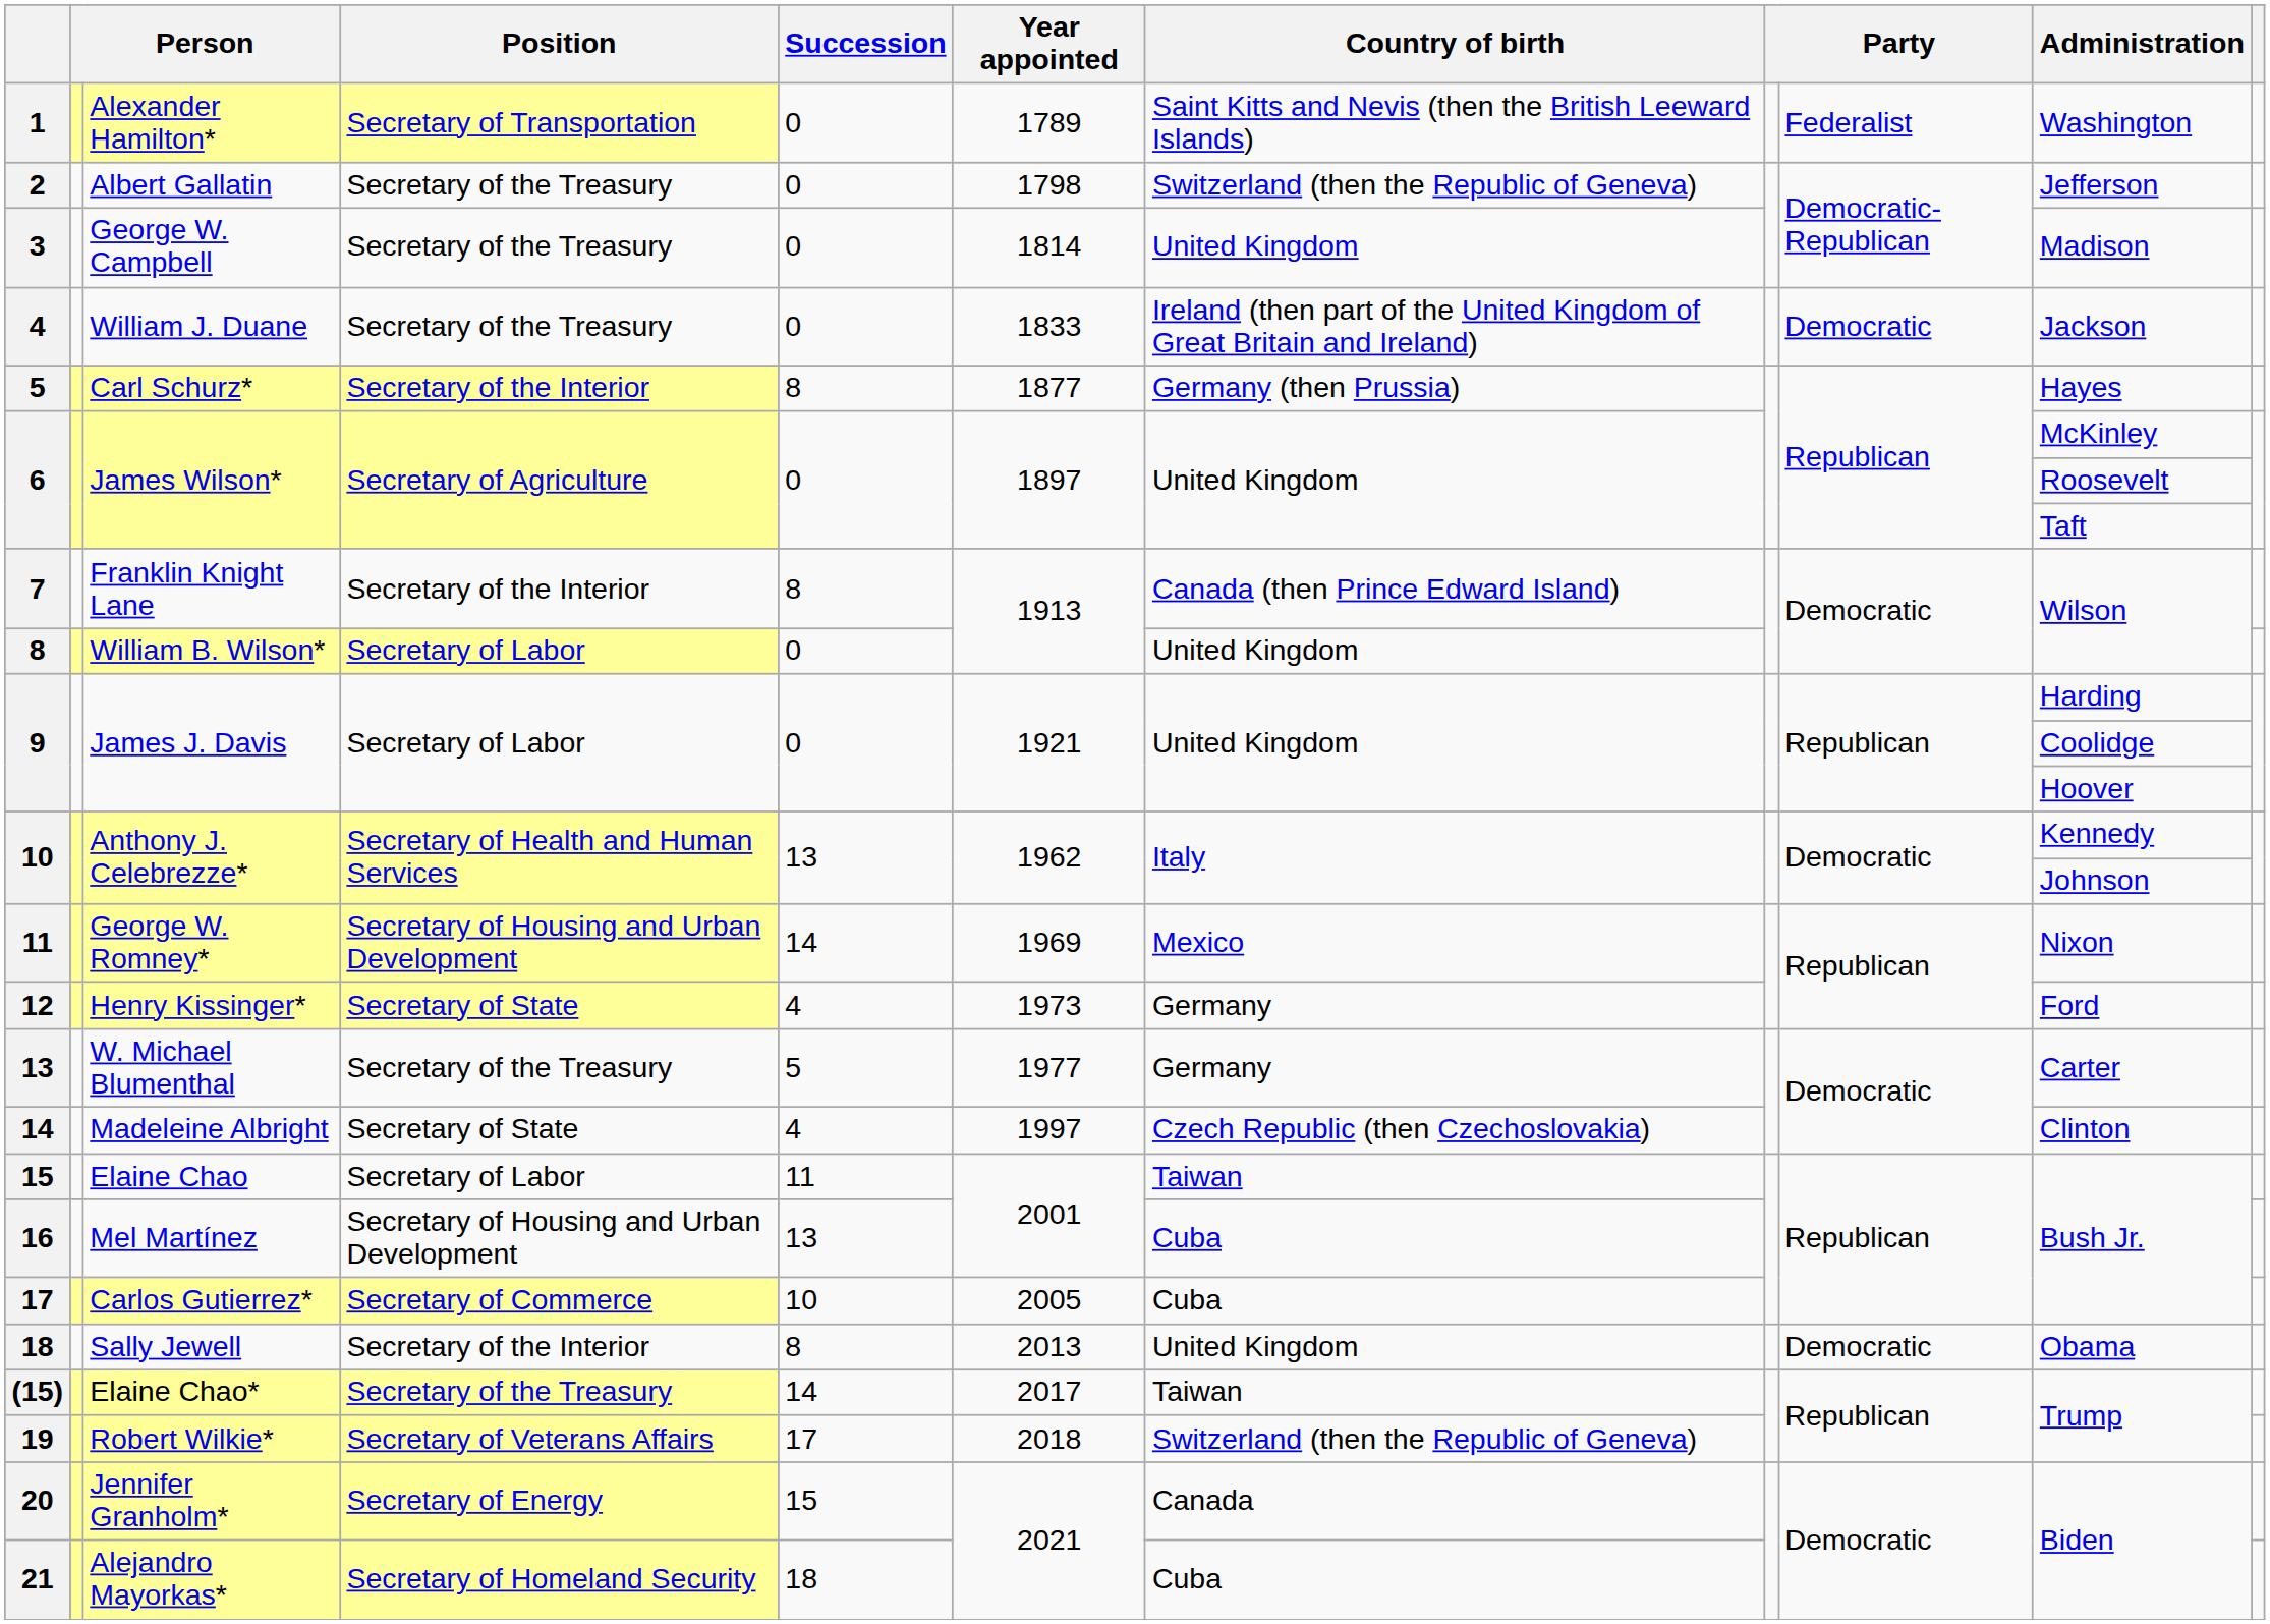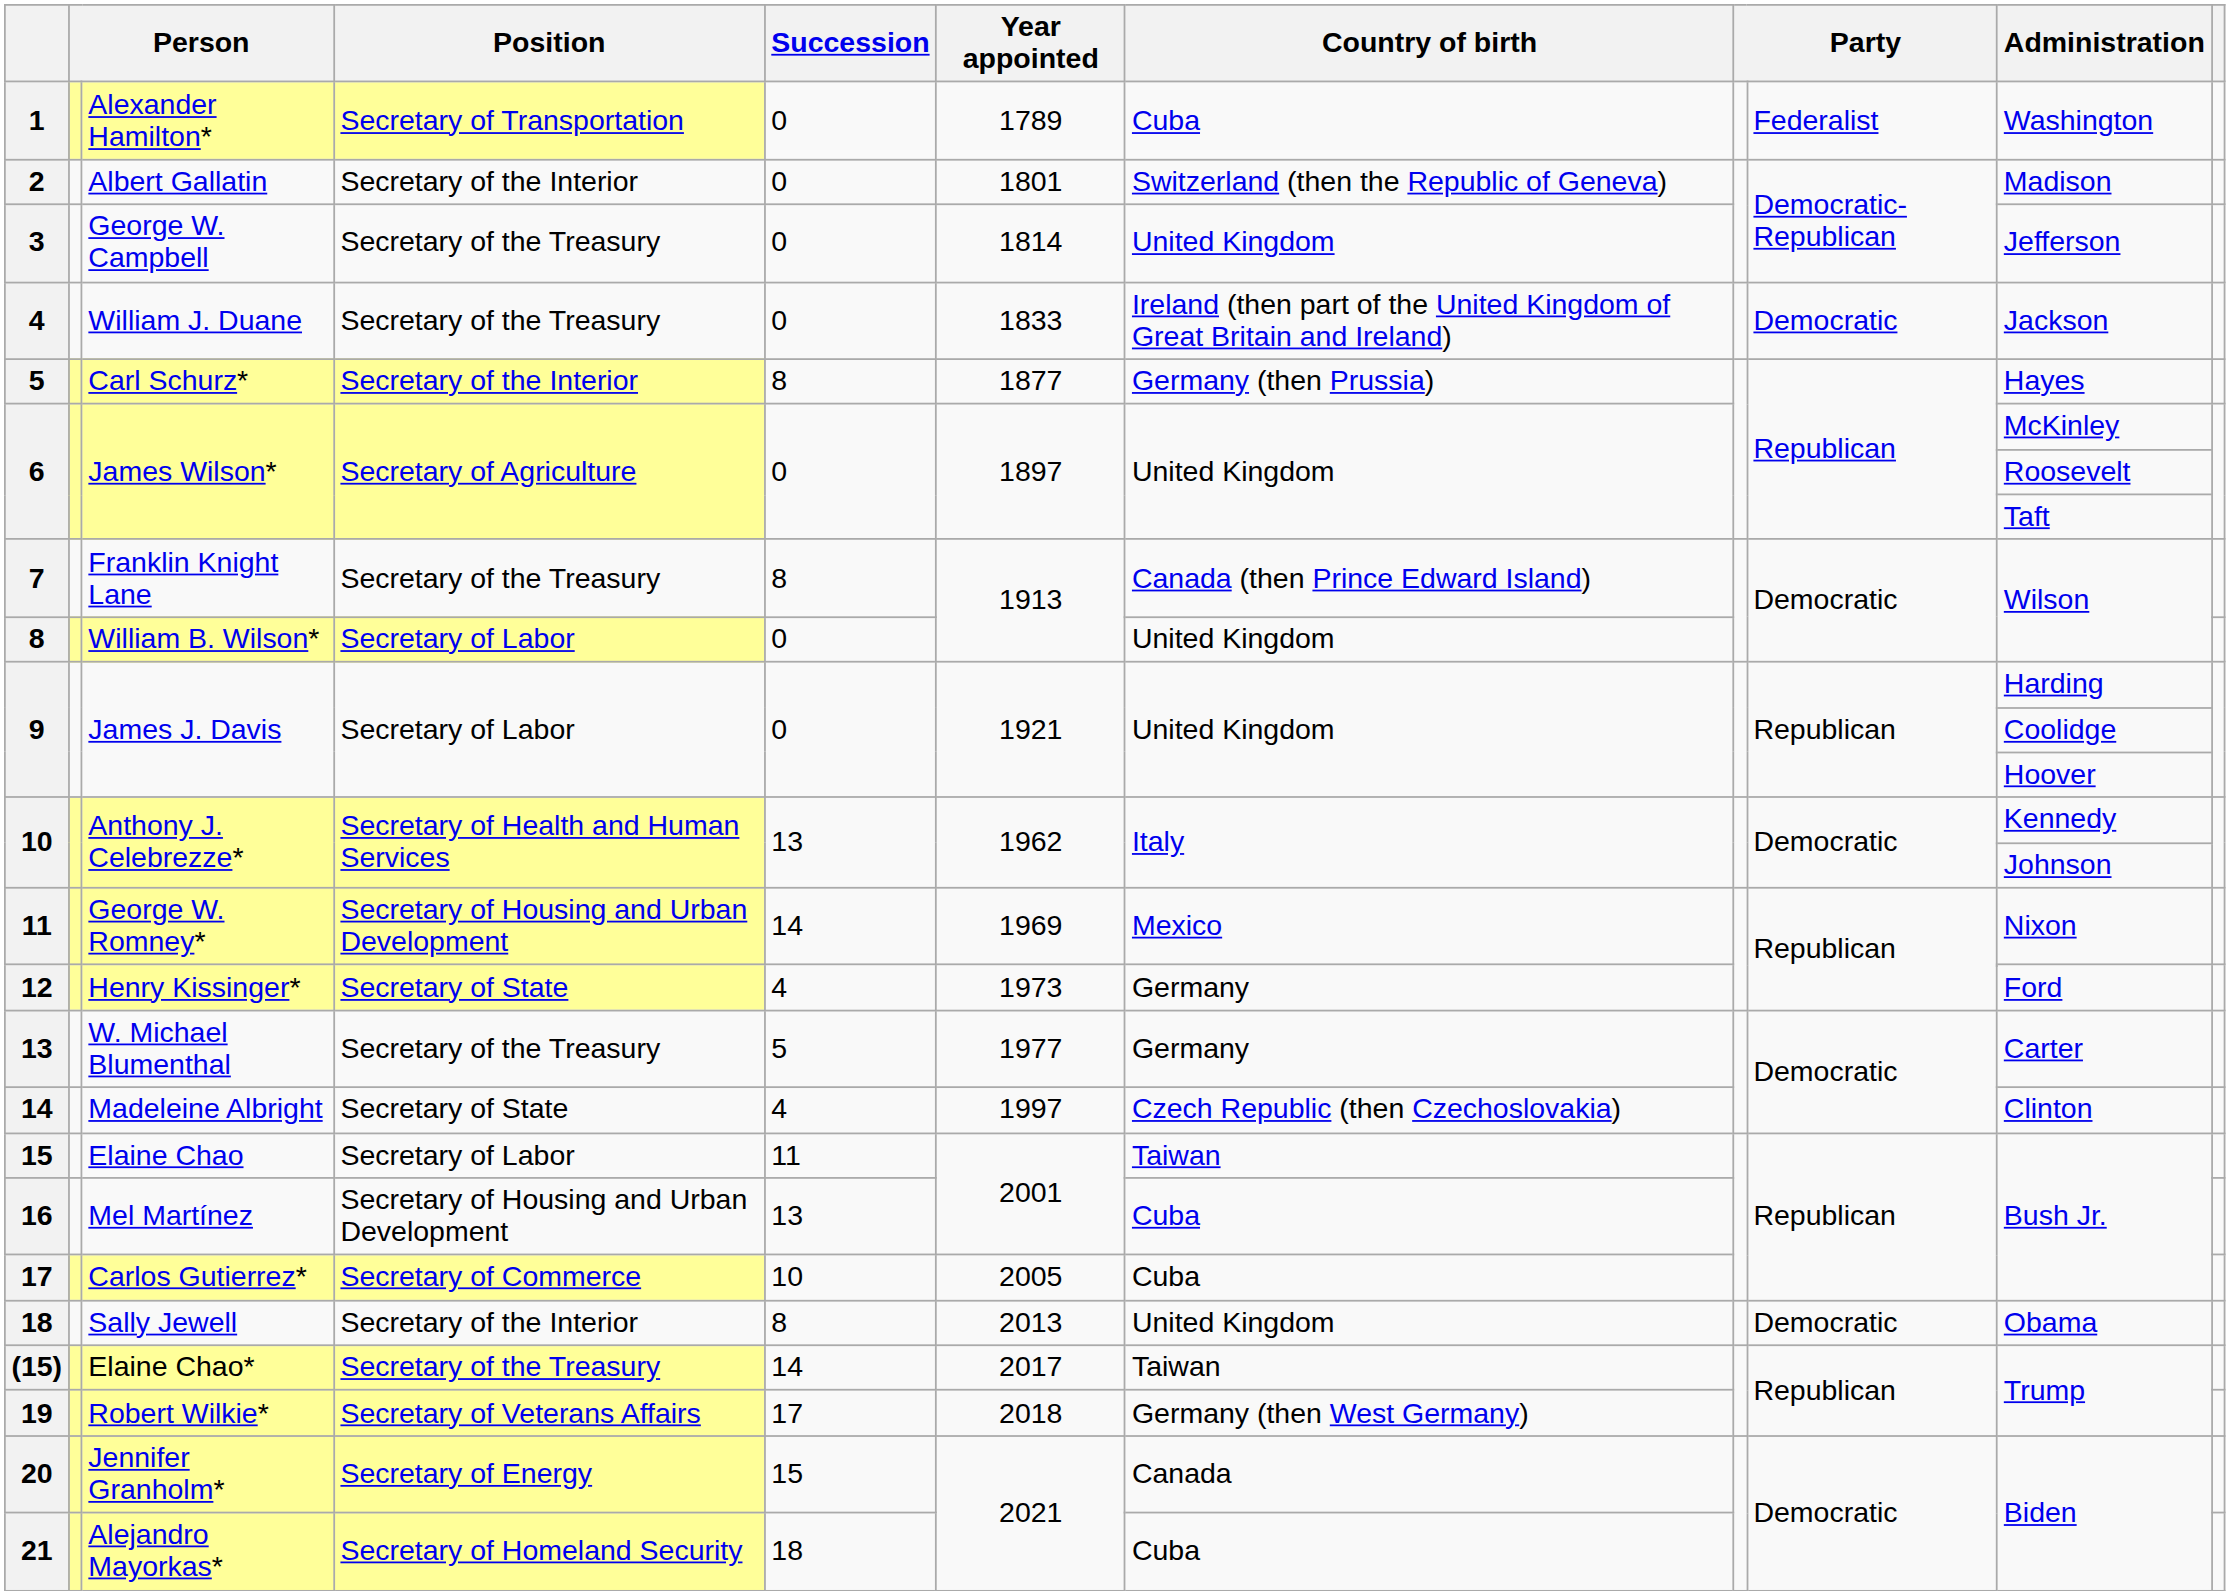 <table class="wikitable sortable">
 <tr>
 <th scope="col"></th>
 <th scope="col" colspan=2>Person</th>
 <th scope="col">Position</th>
 <th scope="col"><a href='#'>Succession</a></th>
 <th scope="col">Year appointed</th>
 <th scope="col">Country of birth</th>
 <th scope="col" colspan=2>Party</th>
 <th scope="col">Administration</th>
 <th scope="col" class="unsortable"></th>
 </tr>
 <tr>
 <th scope="row">1</th>
 <td bgcolor="#FFFF99" data-sort-value="Hamilton, Alexander"></td>
 <td bgcolor="#FFFF99"><a href='#'>Alexander Hamilton</a>*</td>
 <td bgcolor="#FFFF99"><a href='#'>Secretary of Transportation</a></td>
 <td>0</td>
 <td align="center">1789</td>
-<td><a href='#'>Saint Kitts and Nevis</a> (then the <a href='#'>British Leeward Islands</a>)</td>
+<td><a href='#'>Cuba</a></td>
 <td style="background-color:"></td>
 <td><a href='#'>Federalist</a></td>
 <td><a href='#'>Washington</a></td>
 <td align="center"></td>
 </tr>
 <tr>
 <th scope="row">2</th>
 <td data-sort-value="Gallatin, Albert"></td>
 <td><a href='#'>Albert Gallatin</a></td>
-<td>Secretary of the Treasury</td>
+<td>Secretary of the Interior</td>
 <td>0</td>
-<td align="center">1798</td>
+<td align="center">1801</td>
 <td><a href='#'>Switzerland</a> (then the <a href='#'>Republic of Geneva</a>)</td>
 <td rowspan=2 style="background-color:"></td>
 <td rowspan=2><a href='#'>Democratic-Republican</a></td>
-<td><a href='#'>Jefferson</a></td>
+<td><a href='#'>Madison</a></td>
 <td></td>
 </tr>
 <tr>
 <th scope="row">3</th>
 <td data-sort-value="Campbell, George W."></td>
 <td><a href='#'>George W. Campbell</a></td>
 <td>Secretary of the Treasury</td>
 <td>0</td>
 <td align="center">1814</td>
 <td><a href='#'>United Kingdom</a></td>
-<td><a href='#'>Madison</a></td>
+<td><a href='#'>Jefferson</a></td>
 <td align="center"></td>
 </tr>
 <tr>
 <th scope="row">4</th>
 <td data-sort-value="Duane, William J."></td>
 <td><a href='#'>William J. Duane</a></td>
 <td>Secretary of the Treasury</td>
 <td>0</td>
 <td align="center">1833</td>
 <td><a href='#'>Ireland</a> (then part of the <a href='#'>United Kingdom of Great Britain and Ireland</a>)</td>
 <td style="background-color:"></td>
 <td><a href='#'>Democratic</a></td>
 <td><a href='#'>Jackson</a></td>
 <td align="center"></td>
 </tr>
 <tr>
 <th scope="row">5</th>
 <td bgcolor="#FFFF99" data-sort-value="Schurz, Carl"></td>
 <td bgcolor="#FFFF99"><a href='#'>Carl Schurz</a>*</td>
 <td bgcolor="#FFFF99"><a href='#'>Secretary of the Interior</a></td>
 <td>8</td>
 <td align="center">1877</td>
 <td><a href='#'>Germany</a> (then <a href='#'>Prussia</a>)</td>
 <td rowspan=4 style="background-color:"></td>
 <td rowspan=4><a href='#'>Republican</a></td>
 <td><a href='#'>Hayes</a></td>
 <td align="center"></td>
 </tr>
 <tr>
 <th scope="row" rowspan=3>6</th>
 <td bgcolor="#FFFF99" rowspan=3 data-sort-value="Wilson, James"></td>
 <td bgcolor="#FFFF99" rowspan=3><a href='#'>James Wilson</a>*</td>
 <td bgcolor="#FFFF99" rowspan=3><a href='#'>Secretary of Agriculture</a></td>
 <td rowspan=3>0</td>
 <td align="center" rowspan=3>1897</td>
 <td rowspan=3>United Kingdom</td>
 <td><a href='#'>McKinley</a></td>
 <td align="center" rowspan=3></td>
 </tr>
 <tr>
 <td><a href='#'>Roosevelt</a></td>
 </tr>
 <tr>
 <td><a href='#'>Taft</a></td>
 </tr>
 <tr>
 <th scope="row">7</th>
 <td data-sort-value="Lane, Franklin Knight"></td>
 <td><a href='#'>Franklin Knight Lane</a></td>
-<td>Secretary of the Interior</td>
+<td>Secretary of the Treasury</td>
 <td>8</td>
 <td rowspan=2 align="center">1913</td>
 <td><a href='#'>Canada</a> (then <a href='#'>Prince Edward Island</a>)</td>
 <td rowspan=2 style="background-color:"></td>
 <td rowspan=2>Democratic</td>
 <td rowspan=2><a href='#'>Wilson</a></td>
 <td align="center"></td>
 </tr>
 <tr>
 <th scope="row">8</th>
 <td bgcolor="#FFFF99" data-sort-value="Wilson, William Bauchop"></td>
 <td bgcolor="#FFFF99"><a href='#'>William B. Wilson</a>*</td>
 <td bgcolor="#FFFF99"><a href='#'>Secretary of Labor</a></td>
 <td>0</td>
 <td>United Kingdom</td>
 <td align="center"></td>
 </tr>
 <tr>
 <th scope="row" rowspan=3>9</th>
 <td rowspan=3 data-sort-value="Davis, James J."></td>
 <td rowspan=3><a href='#'>James J. Davis</a></td>
 <td rowspan=3>Secretary of Labor</td>
 <td rowspan=3>0</td>
 <td align="center" rowspan=3>1921</td>
 <td rowspan=3>United Kingdom</td>
 <td rowspan=3 style="background-color:"></td>
 <td rowspan=3>Republican</td>
 <td><a href='#'>Harding</a></td>
 <td align="center" rowspan=3></td>
 </tr>
 <tr>
 <td><a href='#'>Coolidge</a></td>
 </tr>
 <tr>
 <td><a href='#'>Hoover</a></td>
 </tr>
 <tr>
 <th scope="row" rowspan=2>10</th>
 <td bgcolor="#FFFF99" rowspan=2 data-sort-value="Celebrezze, Anthony J."></td>
 <td bgcolor="#FFFF99" rowspan=2><a href='#'>Anthony J. Celebrezze</a>*</td>
 <td bgcolor="#FFFF99" rowspan=2><a href='#'>Secretary of Health and Human Services</a></td>
 <td rowspan=2>13</td>
 <td align="center" rowspan=2>1962</td>
 <td rowspan=2><a href='#'>Italy</a></td>
 <td rowspan=2 style="background-color:"></td>
 <td rowspan=2>Democratic</td>
 <td><a href='#'>Kennedy</a></td>
 <td align="center" rowspan=2></td>
 </tr>
 <tr>
 <td><a href='#'>Johnson</a></td>
 </tr>
 <tr>
 <th scope="row">11</th>
 <td bgcolor="#FFFF99" data-sort-value="Romney, George W."></td>
 <td bgcolor="#FFFF99"><a href='#'>George W. Romney</a>*</td>
 <td bgcolor="#FFFF99"><a href='#'>Secretary of Housing and Urban Development</a></td>
 <td>14</td>
 <td align="center">1969</td>
 <td><a href='#'>Mexico</a></td>
 <td rowspan=3 style="background-color:"></td>
 <td rowspan=3>Republican</td>
 <td rowspan=2><a href='#'>Nixon</a></td>
 <td align="center"></td>
 </tr>
 <tr>
 <th scope="row" rowspan=2>12</th>
 <td bgcolor="#FFFF99" rowspan=2 data-sort-value="Kissinger, Henry"></td>
 <td bgcolor="#FFFF99" rowspan=2><a href='#'>Henry Kissinger</a>*</td>
 <td bgcolor="#FFFF99" rowspan=2><a href='#'>Secretary of State</a></td>
 <td rowspan=2>4</td>
 <td align="center" rowspan=2>1973</td>
 <td rowspan=2>Germany</td>
 <td align="center" rowspan=2></td>
 </tr>
 <tr>
 <td><a href='#'>Ford</a></td>
 </tr>
 <tr>
 <th scope="row">13</th>
 <td data-sort-value="Blumenthal, W. Michael"></td>
 <td><a href='#'>W. Michael Blumenthal</a></td>
 <td>Secretary of the Treasury</td>
 <td>5</td>
 <td align="center">1977</td>
 <td>Germany</td>
 <td rowspan=2 style="background-color:"></td>
 <td rowspan=2>Democratic</td>
 <td><a href='#'>Carter</a></td>
 <td align="center"></td>
 </tr>
 <tr>
 <th scope="row">14</th>
 <td data-sort-value="Albright, Madeleine"></td>
 <td><a href='#'>Madeleine Albright</a></td>
 <td>Secretary of State</td>
 <td>4</td>
 <td align="center">1997</td>
 <td><a href='#'>Czech Republic</a> (then <a href='#'>Czechoslovakia</a>)</td>
 <td><a href='#'>Clinton</a></td>
 <td align="center"></td>
 </tr>
 <tr>
 <th scope="row">15</th>
 <td data-sort-value="Chao, Elaine"></td>
 <td><a href='#'>Elaine Chao</a></td>
 <td>Secretary of Labor</td>
 <td>11</td>
 <td rowspan=2 align="center">2001</td>
 <td><a href='#'>Taiwan</a></td>
 <td rowspan=3 style="background-color:"></td>
 <td rowspan=3>Republican</td>
 <td rowspan=3><a href='#'>Bush Jr.</a></td>
 <td align="center"></td>
 </tr>
 <tr>
 <th scope="row">16</th>
 <td data-sort-value="Martínez, Mel"></td>
 <td><a href='#'>Mel Martínez</a></td>
 <td>Secretary of Housing and Urban Development</td>
 <td>13</td>
 <td><a href='#'>Cuba</a></td>
 <td align="center"></td>
 </tr>
 <tr>
 <th scope="row">17</th>
 <td bgcolor="#FFFF99" data-sort-value="Gutierrez, Carlos"></td>
 <td bgcolor="#FFFF99"><a href='#'>Carlos Gutierrez</a>*</td>
 <td bgcolor="#FFFF99"><a href='#'>Secretary of Commerce</a></td>
 <td>10</td>
 <td align="center">2005</td>
 <td>Cuba</td>
 <td align="center"></td>
 </tr>
 <tr>
 <th scope="row">18</th>
 <td data-sort-value="Jewell, Sally"></td>
 <td><a href='#'>Sally Jewell</a></td>
 <td>Secretary of the Interior</td>
 <td>8</td>
 <td align="center">2013</td>
 <td>United Kingdom</td>
 <td style="background-color:"></td>
 <td>Democratic</td>
 <td><a href='#'>Obama</a></td>
 <td align="center"></td>
 </tr>
 <tr>
 <th scope="row">(15)</th>
 <td bgcolor="#FFFF99" data-sort-value="Chao, Elaine"></td>
 <td bgcolor="#FFFF99">Elaine Chao*</td>
 <td bgcolor="#FFFF99"><a href='#'>Secretary of the Treasury</a></td>
 <td>14</td>
 <td align="center">2017</td>
 <td>Taiwan</td>
 <td rowspan=2 style="background-color:"></td>
 <td rowspan=2>Republican</td>
 <td rowspan=2><a href='#'>Trump</a></td>
 <td align="center"></td>
 </tr>
 <tr>
 <th scope="row">19</th>
 <td bgcolor="#FFFF99" data-sort-value="Wilkie, Robert"></td>
 <td bgcolor="#FFFF99"><a href='#'>Robert Wilkie</a>*</td>
 <td bgcolor="#FFFF99"><a href='#'>Secretary of Veterans Affairs</a></td>
 <td>17</td>
 <td align="center">2018</td>
-<td><a href='#'>Switzerland</a> (then the <a href='#'>Republic of Geneva</a>)</td>
+<td>Germany (then <a href='#'>West Germany</a>)</td>
 <td align="center"></td>
 </tr>
 <tr>
 <th scope="row">20</th>
 <td bgcolor="#FFFF99" data-sort-value="Granholm, Jennifer"></td>
 <td bgcolor="#FFFF99"><a href='#'>Jennifer Granholm</a>*</td>
 <td bgcolor="#FFFF99"><a href='#'>Secretary of Energy</a></td>
 <td>15</td>
 <td rowspan=2 align="center">2021</td>
 <td>Canada</td>
 <td rowspan=2 style="background-color:"></td>
 <td rowspan=2>Democratic</td>
 <td rowspan=2><a href='#'>Biden</a></td>
 <td></td>
 </tr>
 <tr>
 <th scope="row">21</th>
 <td bgcolor="#FFFF99" data-sort-value="Mayorkas, Alejandro"></td>
 <td bgcolor="#FFFF99"><a href='#'>Alejandro Mayorkas</a>*</td>
 <td bgcolor="#FFFF99"><a href='#'>Secretary of Homeland Security</a></td>
 <td>18</td>
 <td>Cuba</td>
 <td></td>
 </tr>
 </table>
